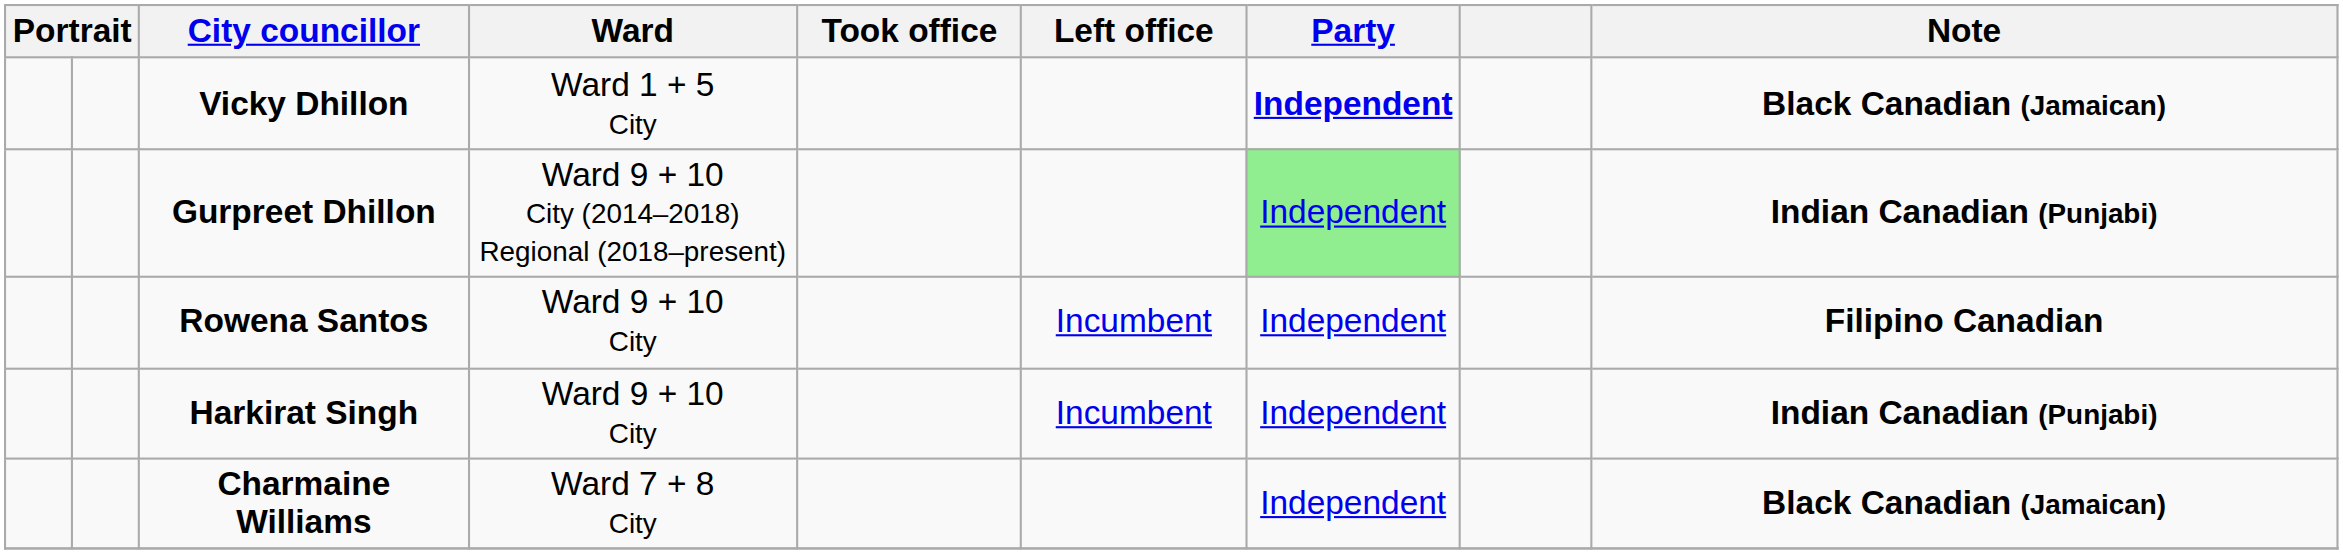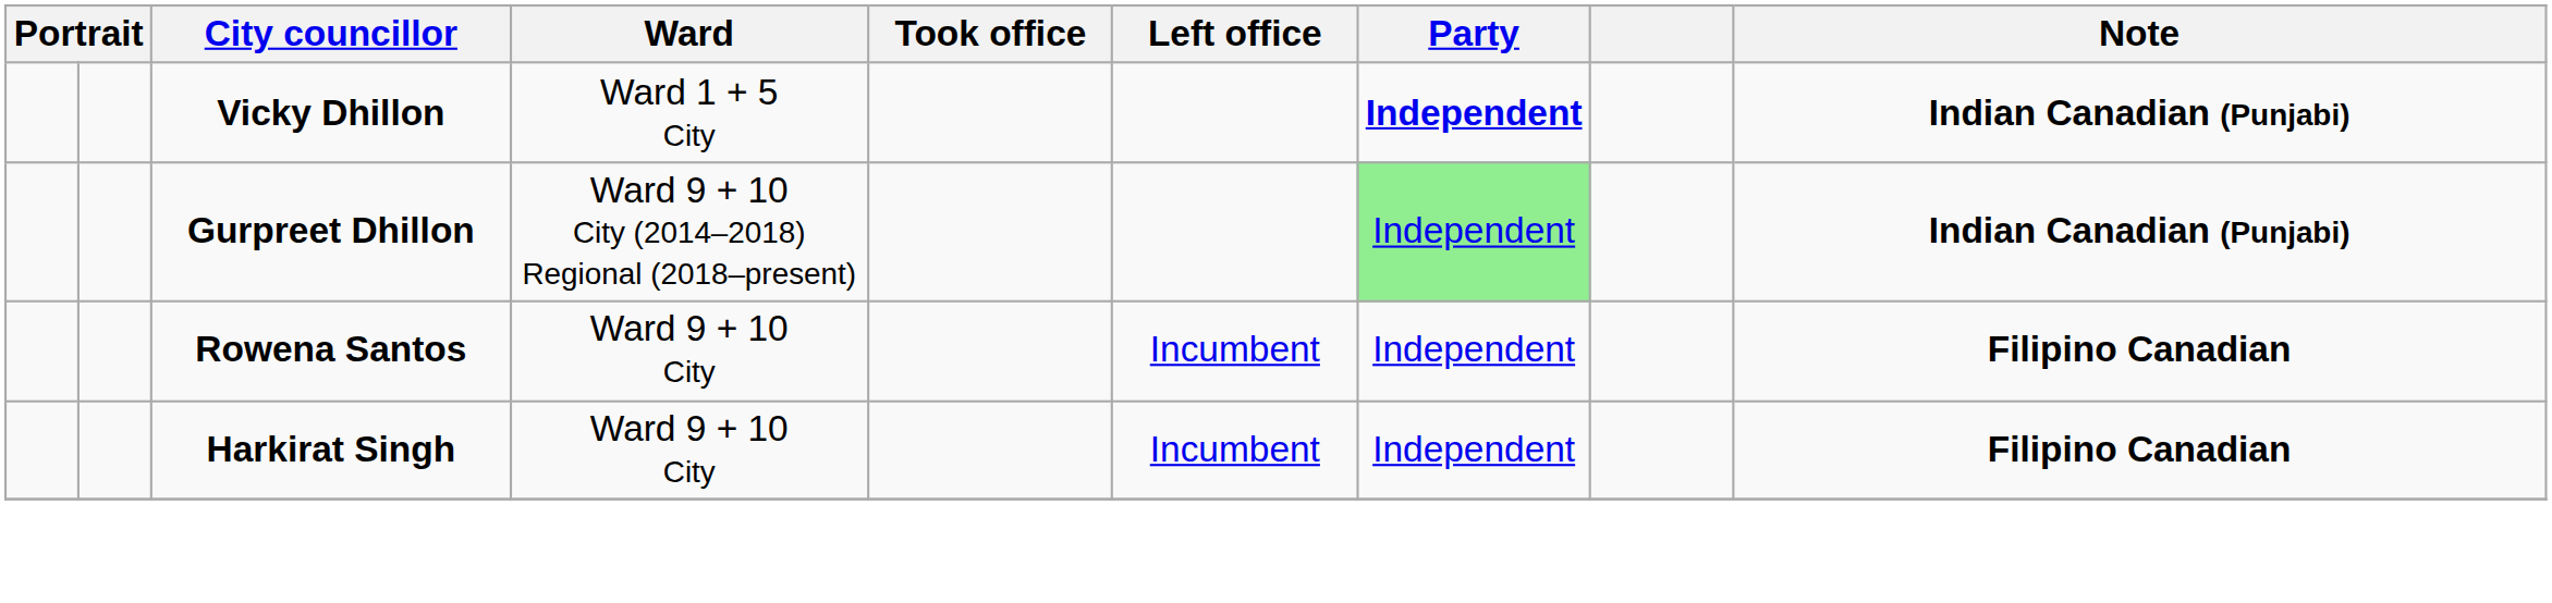 <table class="wikitable sortable plainrowheaders" style="text-align: center;">
 <tr>
 <th colspan="2" class=unsortable>Portrait</th>
 <th colspan="1" class=unsortable width=150px><a href='#'>City councillor</a></th>
 <th scope="col" width=150px>Ward</th>
 <th scope="col" width=100px>Took office</th>
 <th scope="col" width=100px>Left office</th>
 <th scope="col" width=70px><a href='#'>Party</a></th>
 <th scope="col" class=unsortable width=55px></th>
 <th scope="col" class=unsortable width=350px>Note</th>
 </tr>
 <tr>
 <td rowspan="1" style="background:"></td>
 <td rowspan="1"></td>
 <td rowspan="1"><strong>Vicky Dhillon</strong></td>
 <td rowspan="1">Ward 1 + 5<br><small>City</small></td>
 <td rowspan="1"></td>
 <td rowspan="1"></td>
 <td rowspan="1"><strong><a href='#'>Independent</a></strong></td>
 <td rowspan="1"></td>
-<td rowspan="1"><strong>Black Canadian <small>(Jamaican)</small></strong></td>
+<td rowspan="1"><strong>Indian Canadian <small>(Punjabi)</small></strong></td>
 </tr>
 <tr>
 <td rowspan="1" style="background:"></td>
 <td rowspan="1"></td>
 <td rowspan="1"><strong>Gurpreet Dhillon</strong></td>
 <td rowspan="1">Ward 9 + 10<br><small>City (2014–2018)<br>Regional (2018–present)</small></td>
 <td rowspan="1"></td>
 <td rowspan="1"></td>
 <td rowspan="1" style="background: lightgreen;"><a href='#'>Independent</a></td>
 <td rowspan="1"></td>
 <td rowspan="1"><strong>Indian Canadian <small>(Punjabi)</small></strong></td>
 </tr>
 <tr>
 <td rowspan="1" style="background:"></td>
 <td rowspan="1"></td>
 <td rowspan="1"><strong>Rowena Santos</strong></td>
 <td rowspan="1">Ward 9 + 10<br><small>City</small></td>
 <td rowspan="1"></td>
 <td rowspan="1"><a href='#'>Incumbent</a></td>
 <td rowspan="1"><a href='#'>Independent</a></td>
 <td rowspan="1"></td>
 <td rowspan="1"><strong>Filipino Canadian</strong></td>
 </tr>
 <tr>
 <td rowspan="1" style="background:"></td>
 <td rowspan="1"></td>
 <td rowspan="1"><strong>Harkirat Singh</strong></td>
 <td rowspan="1">Ward 9 + 10<br><small>City</small></td>
 <td rowspan="1"></td>
 <td rowspan="1"><a href='#'>Incumbent</a></td>
 <td rowspan="1"><a href='#'>Independent</a></td>
 <td rowspan="1"></td>
-<td rowspan="1"><strong>Indian Canadian <small>(Punjabi)</small></strong></td>
-</tr>
-<tr>
-<td rowspan="1" style="background:"></td>
-<td rowspan="1"></td>
-<td rowspan="1"><strong>Charmaine Williams</strong></td>
-<td rowspan="1">Ward 7 + 8<br><small>City</small></td>
-<td rowspan="1"></td>
-<td rowspan="1"></td>
-<td rowspan="1"><a href='#'>Independent</a></td>
-<td rowspan="1"></td>
-<td rowspan="1"><strong>Black Canadian <small>(Jamaican)</small></strong></td>
+<td rowspan="1"><strong>Filipino Canadian</strong></td>
 </tr>
 <tr>
 </tr>
 </table>
